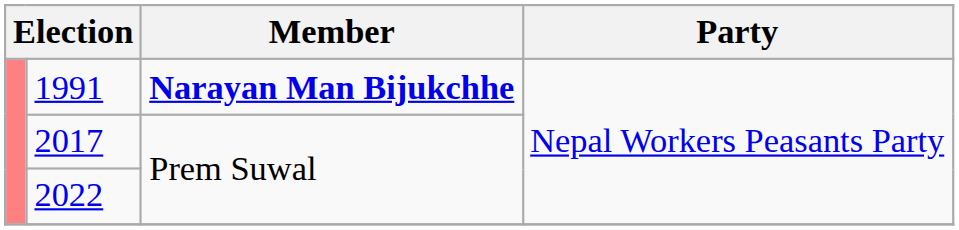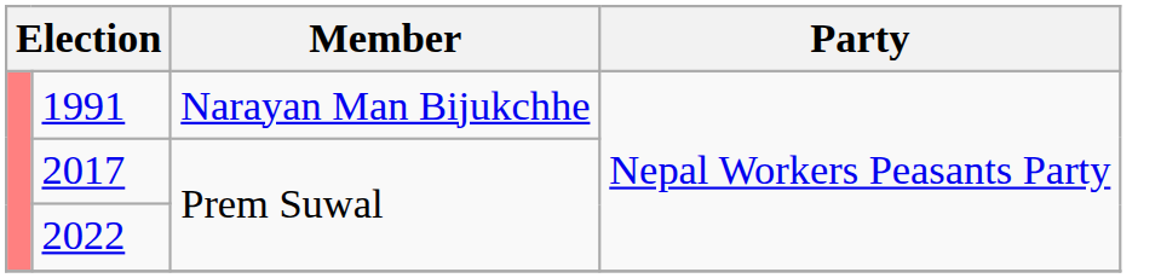 <table class="wikitable">
 <tr>
 <th colspan="2">Election</th>
 <th>Member</th>
 <th>Party</th>
 </tr>
 <tr>
 <td rowspan="3" style="background-color:#FF8080"></td>
 <td><a href='#'>1991</a></td>
-<td><strong><a href='#'>Narayan Man Bijukchhe</a></strong></td>
+<td><a href='#'>Narayan Man Bijukchhe</a></td>
 <td rowspan="3"><a href='#'>Nepal Workers Peasants Party</a></td>
 </tr>
 <tr>
 <td><a href='#'>2017</a></td>
 <td rowspan="2">Prem Suwal</td>
 </tr>
 <tr>
 <td><a href='#'>2022</a></td>
 </tr>
 <tr>
 </tr>
 </table>
